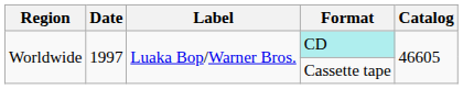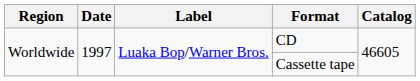 <table class="wikitable">
 <tr>
 <th>Region</th>
 <th>Date</th>
 <th>Label</th>
 <th>Format</th>
 <th>Catalog</th>
 </tr>
 <tr>
 <td rowspan="2">Worldwide</td>
 <td rowspan="2">1997</td>
 <td rowspan="2"><a href='#'>Luaka Bop</a>/<a href='#'>Warner Bros.</a></td>
-<td style="background: paleturquoise;">CD</td>
+<td>CD</td>
 <td rowspan="2">46605</td>
 </tr>
 <tr>
 <td>Cassette tape</td>
 </tr>
 </table>
